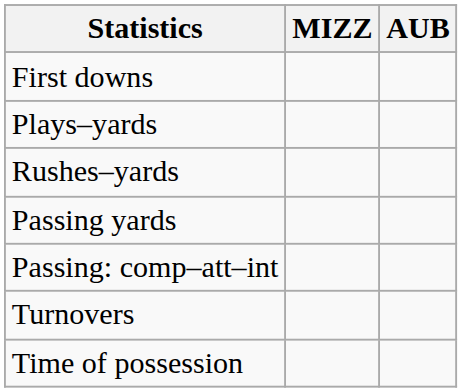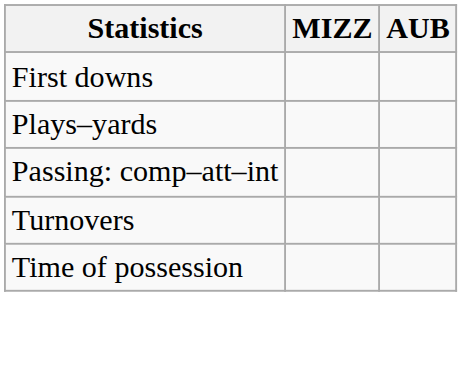 <table class="wikitable" style="float:left">
 <tr>
 <th>Statistics</th>
 <th>MIZZ</th>
 <th>AUB</th>
 </tr>
 <tr>
 <td>First downs</td>
 <td></td>
 <td></td>
 </tr>
 <tr>
 <td>Plays–yards</td>
-<td></td>
-<td></td>
-</tr>
-<tr>
-<td>Rushes–yards</td>
-<td></td>
-<td></td>
-</tr>
-<tr>
-<td>Passing yards</td>
 <td></td>
 <td></td>
 </tr>
 <tr>
 <td>Passing: comp–att–int</td>
 <td></td>
 <td></td>
 </tr>
 <tr>
 <td>Turnovers</td>
 <td></td>
 <td></td>
 </tr>
 <tr>
 <td>Time of possession</td>
 <td></td>
 <td></td>
 </tr>
 </table>
